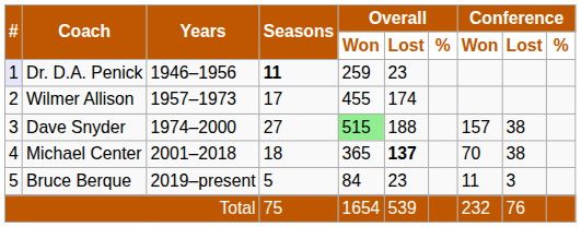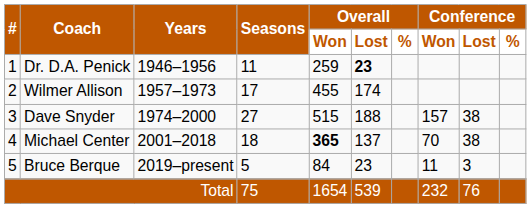 <table class="wikitable">
 <tr>
 <td rowspan="2" style= "background: #BF5700; color:white; text-align:center"><strong>#</strong></td>
 <td rowspan="2" style= "background: #BF5700; color:white; text-align:center"><strong>Coach</strong></td>
 <td rowspan="2" style= "background: #BF5700; color:white; text-align:center"><strong>Years</strong></td>
 <td rowspan="2" style= "background: #BF5700; color:white; text-align:center"><strong>Seasons</strong></td>
 <td colspan="3" style= "background: #BF5700; color:white; text-align:center"><strong>Overall</strong></td>
 <td colspan="3" style= "background: #BF5700; color:white; text-align:center"><strong>Conference</strong></td>
 </tr>
 <tr>
 <th style="width:20px; background: white; color:#BF5700; text-align:center">Won</th>
 <th style="width:20px; background: white; color:#BF5700; text-align:center">Lost</th>
 <th style="width:20px; background: white; color:#BF5700; text-align:center">%</th>
 <th style="width:20px; background: white; color:#BF5700; text-align:center">Won</th>
 <th style="width:20px; background: white; color:#BF5700; text-align:center">Lost</th>
 <th style="width:20px; background: white; color:#BF5700; text-align:center">%</th>
 </tr>
 <tr>
-<td style="background: lavender;">1</td>
+<td>1</td>
 <td>Dr. D.A. Penick</td>
 <td>1946–1956</td>
-<td><strong>11</strong></td>
+<td>11</td>
 <td>259</td>
-<td>23</td>
+<td><strong>23</strong></td>
 <td></td>
 <td></td>
 <td></td>
 <td></td>
 </tr>
 <tr>
 <td>2</td>
 <td>Wilmer Allison</td>
 <td>1957–1973</td>
 <td>17</td>
 <td>455</td>
 <td>174</td>
 <td></td>
 <td></td>
 <td></td>
 <td></td>
 </tr>
 <tr>
 <td>3</td>
 <td>Dave Snyder</td>
 <td>1974–2000</td>
 <td>27</td>
-<td style="background: lightgreen;">515</td>
+<td>515</td>
 <td>188</td>
 <td></td>
 <td>157</td>
 <td>38</td>
 <td></td>
 </tr>
 <tr>
 <td>4</td>
 <td>Michael Center</td>
 <td>2001–2018</td>
 <td>18</td>
-<td>365</td>
-<td><strong>137</strong></td>
+<td><strong>365</strong></td>
+<td>137</td>
 <td></td>
 <td>70</td>
 <td>38</td>
 <td></td>
 </tr>
 <tr>
 <td>5</td>
 <td>Bruce Berque</td>
 <td>2019–present</td>
 <td>5</td>
 <td>84</td>
 <td>23</td>
 <td></td>
 <td>11</td>
 <td>3</td>
 <td></td>
 </tr>
 <tr>
 </tr>
 <tr style= "background: #BF5700; color:white">
 <td colspan="3" align="right">Total</td>
 <td>75</td>
 <td>1654</td>
 <td>539</td>
 <td></td>
 <td>232</td>
 <td>76</td>
 <td></td>
 </tr>
 </table>
